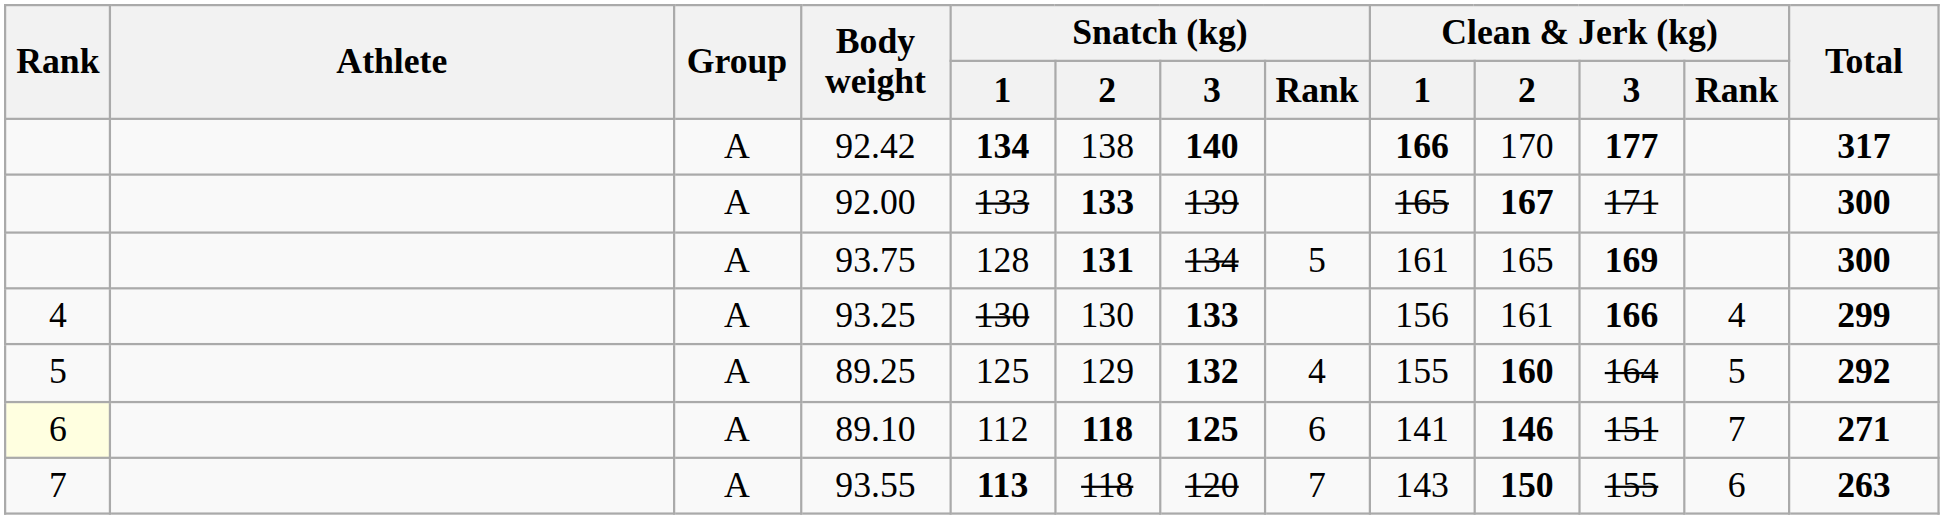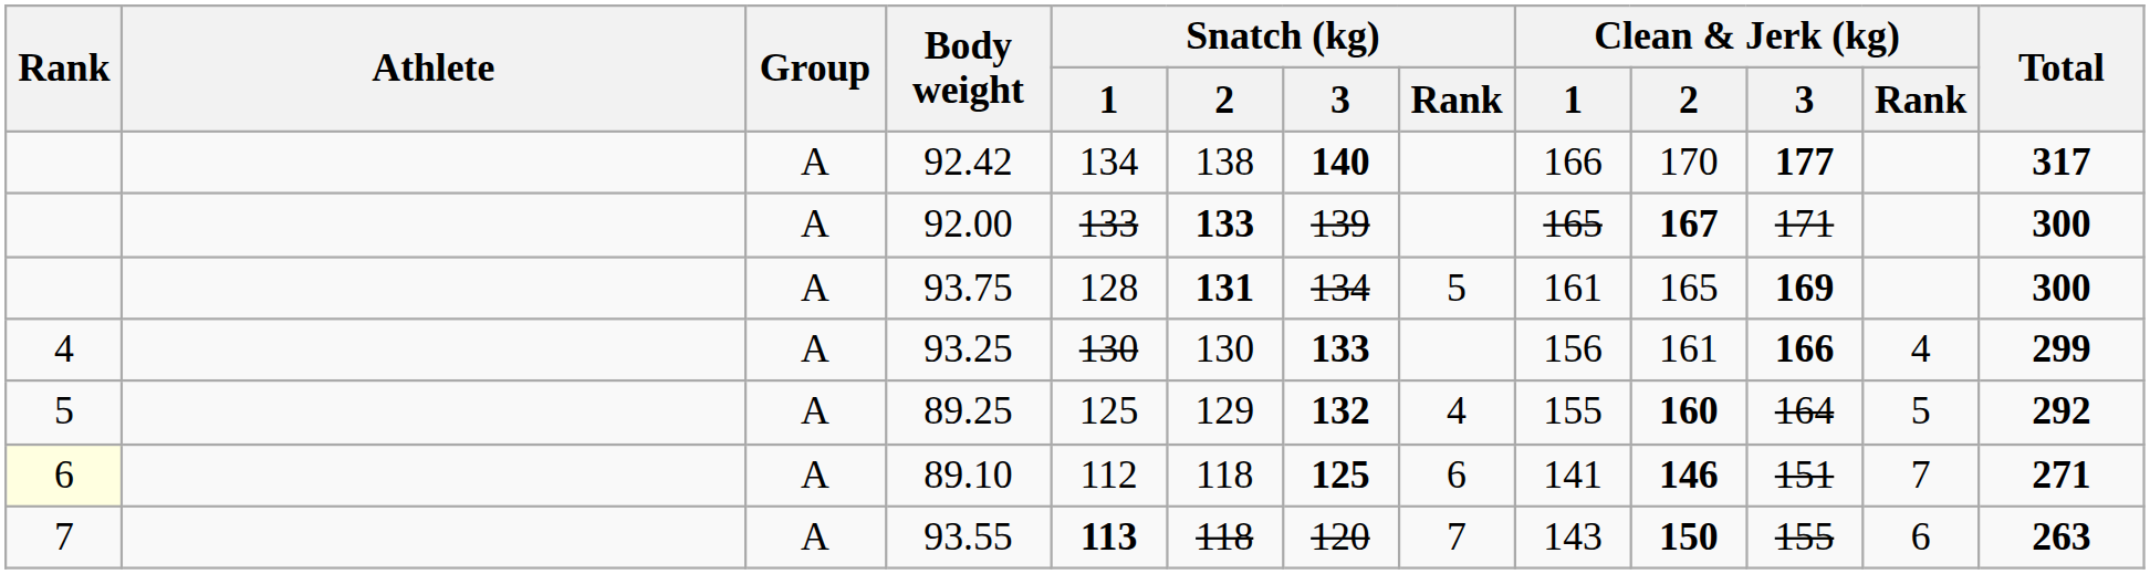 <table class = "wikitable" style="text-align:center;">
 <tr>
 <th rowspan=2 width=40>Rank</th>
 <th rowspan=2 width=250>Athlete</th>
 <th rowspan=2 width=50>Group</th>
 <th rowspan=2 width=60>Body weight</th>
 <th colspan=4>Snatch (kg)</th>
 <th colspan=4>Clean & Jerk (kg)</th>
 <th rowspan=2 width=60>Total</th>
 </tr>
 <tr>
 <th width=40>1</th>
 <th width=40>2</th>
 <th width=40>3</th>
 <th width=40>Rank</th>
 <th width=40>1</th>
 <th width=40>2</th>
 <th width=40>3</th>
 <th width=40>Rank</th>
 </tr>
 <tr>
 <td></td>
 <td align=left></td>
 <td>A</td>
 <td>92.42</td>
-<td><strong>134</strong></td>
+<td>134</td>
 <td>138</td>
 <td><strong>140</strong></td>
 <td></td>
-<td><strong>166</strong></td>
+<td>166</td>
 <td>170</td>
 <td><strong>177</strong></td>
 <td></td>
 <td><strong>317</strong></td>
 </tr>
 <tr>
 <td></td>
 <td align=left></td>
 <td>A</td>
 <td>92.00</td>
 <td><s>133</s></td>
 <td><strong>133</strong></td>
 <td><s>139</s></td>
 <td></td>
 <td><s>165</s></td>
 <td><strong>167</strong></td>
 <td><s>171</s></td>
 <td></td>
 <td><strong>300</strong></td>
 </tr>
 <tr>
 <td></td>
 <td align=left></td>
 <td>A</td>
 <td>93.75</td>
 <td>128</td>
 <td><strong>131</strong></td>
 <td><s>134</s></td>
 <td>5</td>
 <td>161</td>
 <td>165</td>
 <td><strong>169</strong></td>
 <td></td>
 <td><strong>300</strong></td>
 </tr>
 <tr>
 <td>4</td>
 <td align=left></td>
 <td>A</td>
 <td>93.25</td>
 <td><s>130</s></td>
 <td>130</td>
 <td><strong>133</strong></td>
 <td></td>
 <td>156</td>
 <td>161</td>
 <td><strong>166</strong></td>
 <td>4</td>
 <td><strong>299</strong></td>
 </tr>
 <tr>
 <td>5</td>
 <td align=left></td>
 <td>A</td>
 <td>89.25</td>
 <td>125</td>
 <td>129</td>
 <td><strong>132</strong></td>
 <td>4</td>
 <td>155</td>
 <td><strong>160</strong></td>
 <td><s>164</s></td>
 <td>5</td>
 <td><strong>292</strong></td>
 </tr>
 <tr>
 <td style="background: lightyellow;">6</td>
 <td align=left></td>
 <td>A</td>
 <td>89.10</td>
 <td>112</td>
-<td><strong>118</strong></td>
+<td>118</td>
 <td><strong>125</strong></td>
 <td>6</td>
 <td>141</td>
 <td><strong>146</strong></td>
 <td><s>151</s></td>
 <td>7</td>
 <td><strong>271</strong></td>
 </tr>
 <tr>
 <td>7</td>
 <td align=left></td>
 <td>A</td>
 <td>93.55</td>
 <td><strong>113</strong></td>
 <td><s>118</s></td>
 <td><s>120</s></td>
 <td>7</td>
 <td>143</td>
 <td><strong>150</strong></td>
 <td><s>155</s></td>
 <td>6</td>
 <td><strong>263</strong></td>
 </tr>
 </table>
